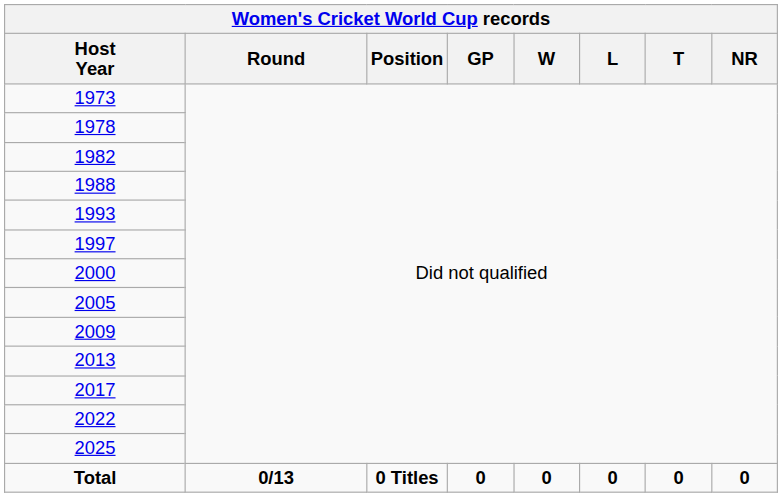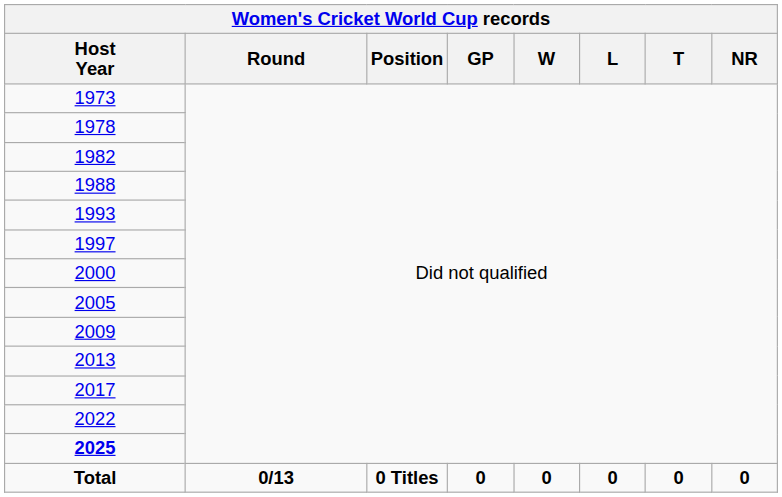 <table class="wikitable" style="text-align: center;">
 <tr>
 <th colspan=8><a href='#'>Women's Cricket World Cup</a> records</th>
 </tr>
 <tr>
 <th width=150>Host<br>Year</th>
 <th width=150>Round</th>
 <th width=50>Position</th>
 <th width=50>GP</th>
 <th width=50>W</th>
 <th width=50>L</th>
 <th width=50>T</th>
 <th width=50>NR</th>
 </tr>
 <tr>
 <td> <a href='#'>1973</a></td>
 <td colspan=7  rowspan=13>Did not qualified</td>
 </tr>
 <tr>
 <td> <a href='#'>1978</a></td>
 </tr>
 <tr>
 <td> <a href='#'>1982</a></td>
 </tr>
 <tr>
 <td> <a href='#'>1988</a></td>
 </tr>
 <tr>
 <td> <a href='#'>1993</a></td>
 </tr>
 <tr>
 <td> <a href='#'>1997</a></td>
 </tr>
 <tr>
 <td> <a href='#'>2000</a></td>
 </tr>
 <tr>
 <td> <a href='#'>2005</a></td>
 </tr>
 <tr>
 <td> <a href='#'>2009</a></td>
 </tr>
 <tr>
 <td> <a href='#'>2013</a></td>
 </tr>
 <tr>
 <td> <a href='#'>2017</a></td>
 </tr>
 <tr>
 <td> <a href='#'>2022</a></td>
 </tr>
 <tr>
-<td> <a href='#'>2025</a></td>
+<td><strong> <a href='#'>2025</a></strong></td>
 </tr>
 <tr>
 <td><strong>Total</strong></td>
 <td><strong>0/13</strong></td>
 <td><strong>0 Titles</strong></td>
 <td><strong>0</strong></td>
 <td><strong>0</strong></td>
 <td><strong>0</strong></td>
 <td><strong>0</strong></td>
 <td><strong>0</strong></td>
 </tr>
 </table>
